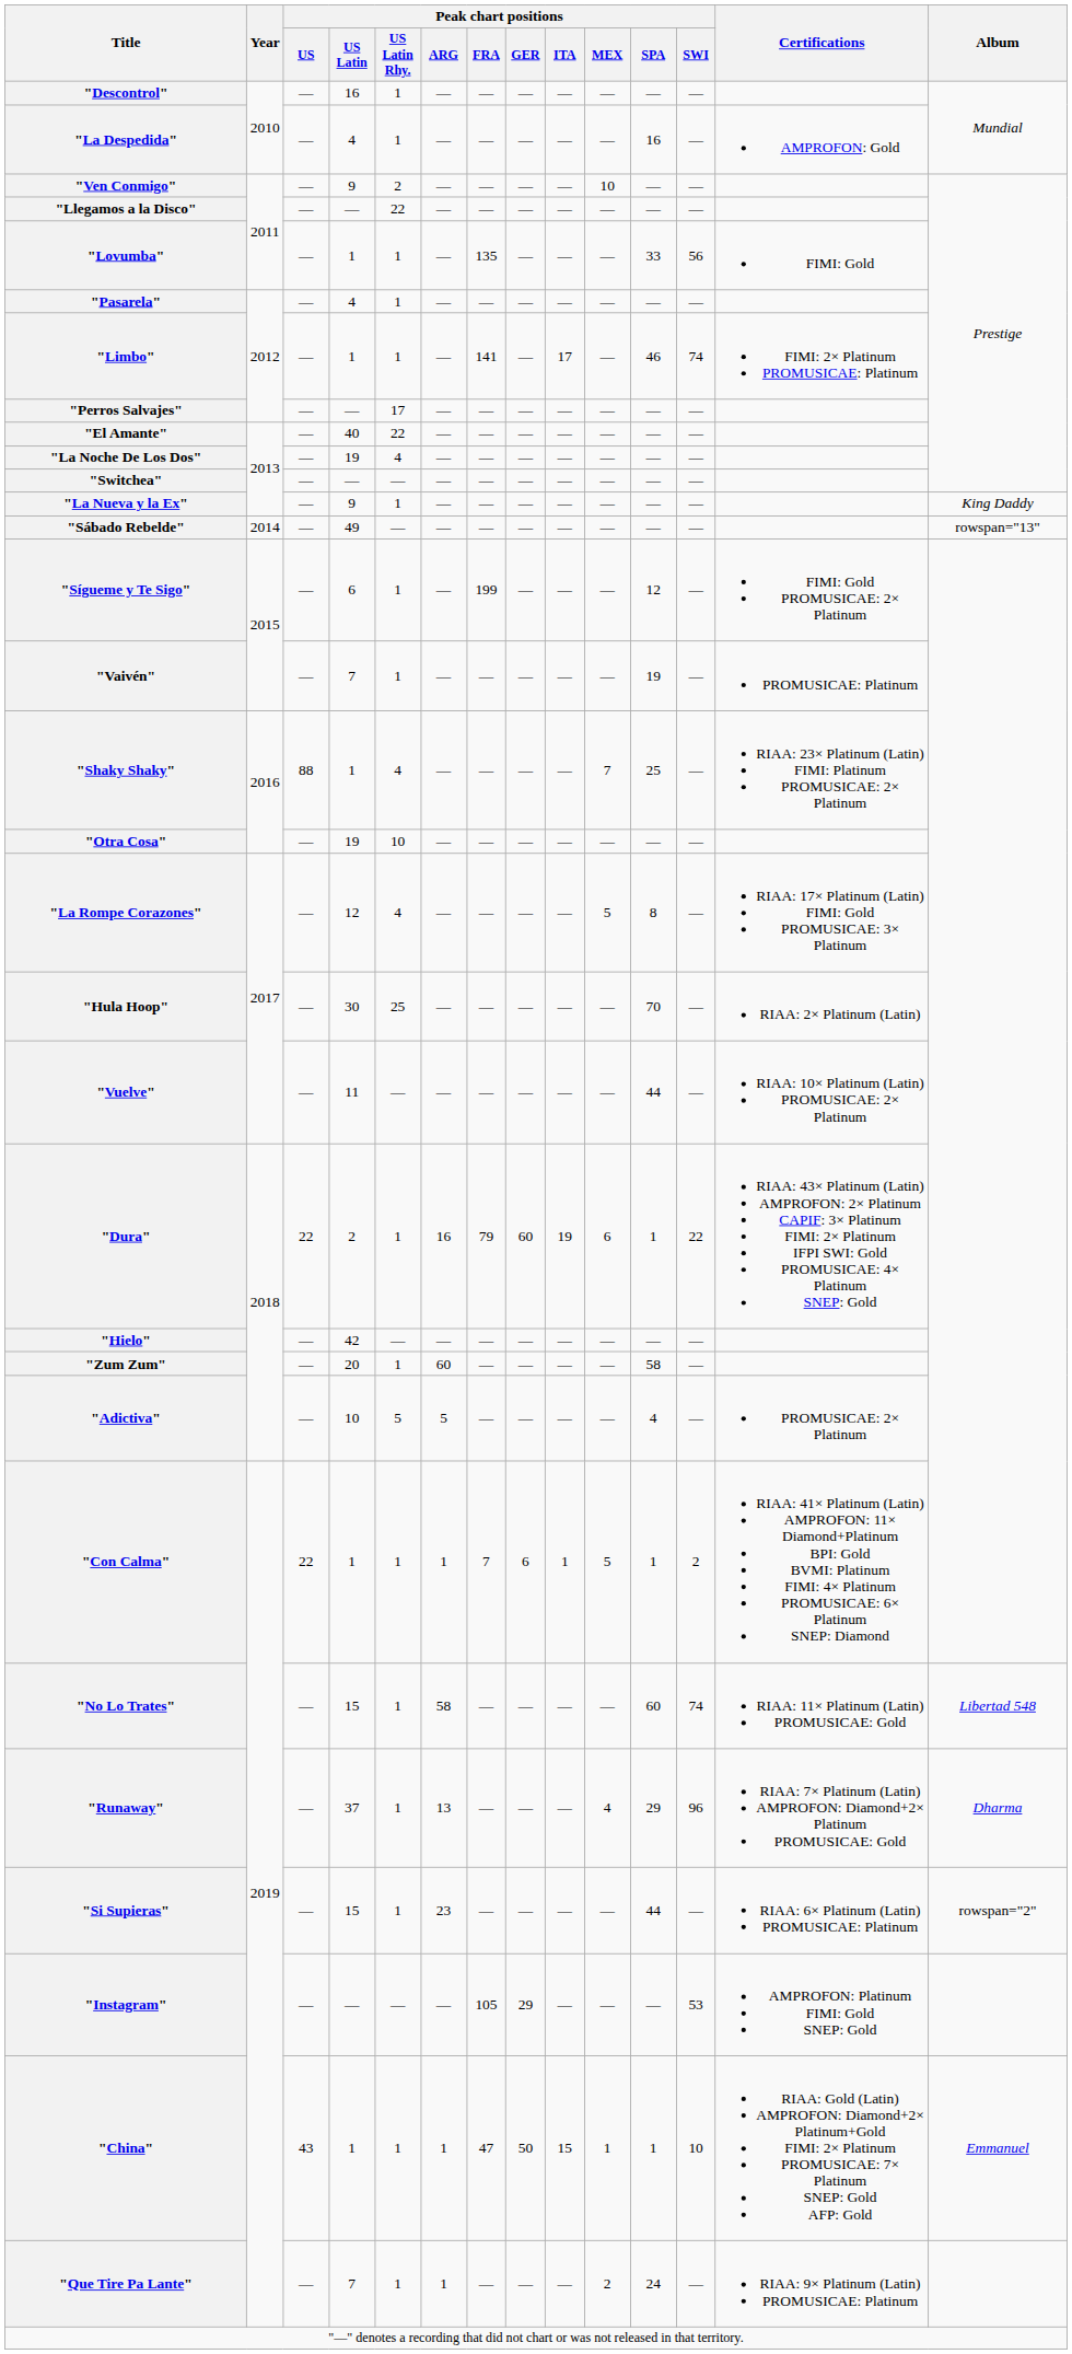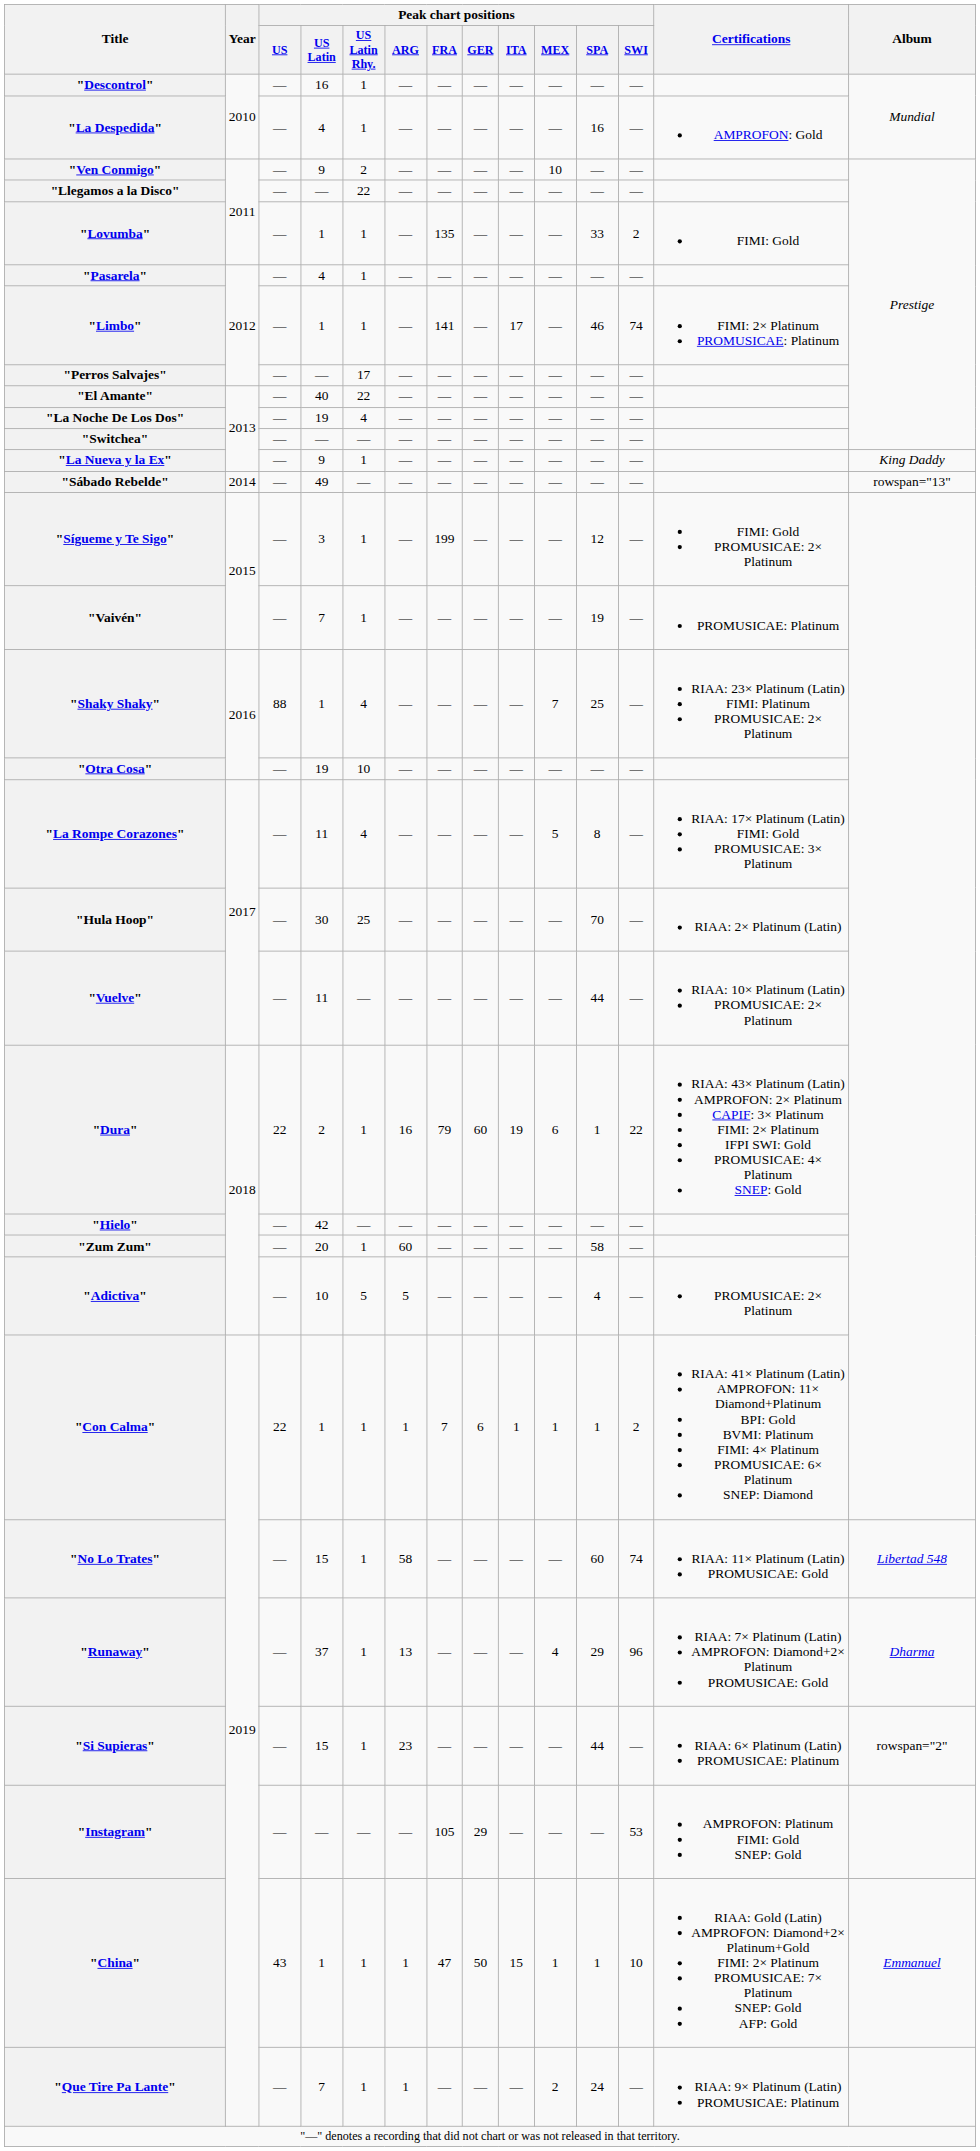 <table class="wikitable plainrowheaders" style="text-align:center;">
 <tr>
 <th scope="col" rowspan="2" style="width:16em;">Title</th>
 <th scope="col" rowspan="2" style="width:1em;">Year</th>
 <th scope="col" colspan="10">Peak chart positions</th>
 <th scope="col" rowspan="2" style="width:14em;"><a href='#'>Certifications</a></th>
 <th scope="col" rowspan="2" style="width:9em;">Album</th>
 </tr>
 <tr>
 <th scope="col" style="width:3em;font-size:90%;"><a href='#'>US</a><br></th>
 <th scope="col" style="width:3em;font-size:90%;"><a href='#'>US<br>Latin</a><br></th>
 <th scope="col" style="width:3em;font-size:90%;"><a href='#'>US<br>Latin<br>Rhy.</a><br></th>
 <th scope="col" style="width:3em;font-size:90%;"><a href='#'>ARG</a><br></th>
 <th scope="col" style="width:2.5em;font-size:90%;"><a href='#'>FRA</a><br></th>
 <th scope="col" style="width:2.5em;font-size:90%;"><a href='#'>GER</a> <br></th>
 <th scope="col" style="width:2.5em;font-size:90%;"><a href='#'>ITA</a> <br></th>
 <th scope="col" style="width:3em;font-size:90%;"><a href='#'>MEX</a><br></th>
 <th scope="col" style="width:3em;font-size:90%;"><a href='#'>SPA</a><br></th>
 <th scope="col" style="width:2.5em;font-size:90%;"><a href='#'>SWI</a> <br></th>
 </tr>
 <tr>
 <th scope="row">"<a href='#'>Descontrol</a>"</th>
 <td rowspan="2">2010</td>
 <td>—</td>
 <td>16</td>
 <td>1</td>
 <td>—</td>
 <td>—</td>
 <td>—</td>
 <td>—</td>
 <td>—</td>
 <td>—</td>
 <td>—</td>
 <td></td>
 <td rowspan="2"><em>Mundial</em></td>
 </tr>
 <tr>
 <th scope="row">"<a href='#'>La Despedida</a>"</th>
 <td>—</td>
 <td>4</td>
 <td>1</td>
 <td>—</td>
 <td>—</td>
 <td>—</td>
 <td>—</td>
 <td>—</td>
 <td>16</td>
 <td>—</td>
 <td><br><ul><li><a href='#'>AMPROFON</a>: Gold</li></ul></td>
 </tr>
 <tr>
 <th scope="row">"<a href='#'>Ven Conmigo</a>"<br></th>
 <td rowspan="3">2011</td>
 <td>—</td>
 <td>9</td>
 <td>2</td>
 <td>—</td>
 <td>—</td>
 <td>—</td>
 <td>—</td>
 <td>10</td>
 <td>—</td>
 <td>—</td>
 <td></td>
 <td rowspan="9"><em>Prestige</em></td>
 </tr>
 <tr>
 <th scope="row">"Llegamos a la Disco"</th>
 <td>—</td>
 <td>—</td>
 <td>22</td>
 <td>—</td>
 <td>—</td>
 <td>—</td>
 <td>—</td>
 <td>—</td>
 <td>—</td>
 <td>—</td>
 <td></td>
 </tr>
 <tr>
 <th scope="row">"<a href='#'>Lovumba</a>"</th>
 <td>—</td>
 <td>1</td>
 <td>1</td>
 <td>—</td>
 <td>135</td>
 <td>—</td>
 <td>—</td>
 <td>—</td>
 <td>33</td>
-<td>56</td>
+<td>2</td>
 <td><br><ul><li>FIMI: Gold</li></ul></td>
 </tr>
 <tr>
 <th scope="row">"<a href='#'>Pasarela</a>"</th>
 <td rowspan="3">2012</td>
 <td>—</td>
 <td>4</td>
 <td>1</td>
 <td>—</td>
 <td>—</td>
 <td>—</td>
 <td>—</td>
 <td>—</td>
 <td>—</td>
 <td>—</td>
 <td></td>
 </tr>
 <tr>
 <th scope="row">"<a href='#'>Limbo</a>"</th>
 <td>—</td>
 <td>1</td>
 <td>1</td>
 <td>—</td>
 <td>141</td>
 <td>—</td>
 <td>17</td>
 <td>—</td>
 <td>46</td>
 <td>74</td>
 <td><br><ul><li>FIMI: 2× Platinum</li><li><a href='#'>PROMUSICAE</a>: Platinum</li></ul></td>
 </tr>
 <tr>
 <th scope="row">"Perros Salvajes"</th>
 <td>—</td>
 <td>—</td>
 <td>17</td>
 <td>—</td>
 <td>—</td>
 <td>—</td>
 <td>—</td>
 <td>—</td>
 <td>—</td>
 <td>—</td>
 <td></td>
 </tr>
 <tr>
 <th scope="row">"El Amante"<br></th>
 <td rowspan="4">2013</td>
 <td>—</td>
 <td>40</td>
 <td>22</td>
 <td>—</td>
 <td>—</td>
 <td>—</td>
 <td>—</td>
 <td>—</td>
 <td>—</td>
 <td>—</td>
 <td></td>
 </tr>
 <tr>
 <th scope="row">"La Noche De Los Dos"<br></th>
 <td>—</td>
 <td>19</td>
 <td>4</td>
 <td>—</td>
 <td>—</td>
 <td>—</td>
 <td>—</td>
 <td>—</td>
 <td>—</td>
 <td>—</td>
 <td></td>
 </tr>
 <tr>
 <th scope="row">"Switchea"</th>
 <td>—</td>
 <td>—</td>
 <td>—</td>
 <td>—</td>
 <td>—</td>
 <td>—</td>
 <td>—</td>
 <td>—</td>
 <td>—</td>
 <td>—</td>
 <td></td>
 </tr>
 <tr>
 <th scope="row">"<a href='#'>La Nueva y la Ex</a>"</th>
 <td>—</td>
 <td>9</td>
 <td>1</td>
 <td>—</td>
 <td>—</td>
 <td>—</td>
 <td>—</td>
 <td>—</td>
 <td>—</td>
 <td>—</td>
 <td></td>
 <td><em>King Daddy</em></td>
 </tr>
 <tr>
 <th scope="row">"Sábado Rebelde"<br></th>
 <td>2014</td>
 <td>—</td>
 <td>49</td>
 <td>—</td>
 <td>—</td>
 <td>—</td>
 <td>—</td>
 <td>—</td>
 <td>—</td>
 <td>—</td>
 <td>—</td>
 <td></td>
 <td>rowspan="13" </td>
 </tr>
 <tr>
 <th scope="row">"<a href='#'>Sígueme y Te Sigo</a>"</th>
 <td rowspan="2">2015</td>
 <td>—</td>
-<td>6</td>
+<td>3</td>
 <td>1</td>
 <td>—</td>
 <td>199</td>
 <td>—</td>
 <td>—</td>
 <td>—</td>
 <td>12</td>
 <td>—</td>
 <td><br><ul><li>FIMI: Gold</li><li>PROMUSICAE: 2× Platinum</li></ul></td>
 </tr>
 <tr>
 <th scope="row">"Vaivén"</th>
 <td>—</td>
 <td>7</td>
 <td>1</td>
 <td>—</td>
 <td>—</td>
 <td>—</td>
 <td>—</td>
 <td>—</td>
 <td>19</td>
 <td>—</td>
 <td><br><ul><li>PROMUSICAE: Platinum</li></ul></td>
 </tr>
 <tr>
 <th scope="row">"<a href='#'>Shaky Shaky</a>"</th>
 <td rowspan="2">2016</td>
 <td>88</td>
 <td>1</td>
 <td>4</td>
 <td>—</td>
 <td>—</td>
 <td>—</td>
 <td>—</td>
 <td>7</td>
 <td>25</td>
 <td>—</td>
 <td><br><ul><li>RIAA: 23× Platinum (Latin)</li><li>FIMI: Platinum</li><li>PROMUSICAE: 2× Platinum</li></ul></td>
 </tr>
 <tr>
 <th scope="row">"<a href='#'>Otra Cosa</a>"<br></th>
 <td>—</td>
 <td>19</td>
 <td>10</td>
 <td>—</td>
 <td>—</td>
 <td>—</td>
 <td>—</td>
 <td>—</td>
 <td>—</td>
 <td>—</td>
 <td></td>
 </tr>
 <tr>
 <th scope="row">"<a href='#'>La Rompe Corazones</a>"<br></th>
 <td rowspan="3">2017</td>
 <td>—</td>
-<td>12</td>
+<td>11</td>
 <td>4</td>
 <td>—</td>
 <td>—</td>
 <td>—</td>
 <td>—</td>
 <td>5</td>
 <td>8</td>
 <td>—</td>
 <td><br><ul><li>RIAA: 17× Platinum (Latin)</li><li>FIMI: Gold</li><li>PROMUSICAE: 3× Platinum</li></ul></td>
 </tr>
 <tr>
 <th scope="row">"Hula Hoop"</th>
 <td>—</td>
 <td>30</td>
 <td>25</td>
 <td>—</td>
 <td>—</td>
 <td>—</td>
 <td>—</td>
 <td>—</td>
 <td>70</td>
 <td>—</td>
 <td><br><ul><li>RIAA: 2× Platinum (Latin)</li></ul></td>
 </tr>
 <tr>
 <th scope="row">"<a href='#'>Vuelve</a>"<br></th>
 <td>—</td>
 <td>11</td>
 <td>—</td>
 <td>—</td>
 <td>—</td>
 <td>—</td>
 <td>—</td>
 <td>—</td>
 <td>44</td>
 <td>—</td>
 <td><br><ul><li>RIAA: 10× Platinum (Latin)</li><li>PROMUSICAE: 2× Platinum</li></ul></td>
 </tr>
 <tr>
 <th scope="row">"<a href='#'>Dura</a>"</th>
 <td rowspan="4">2018</td>
 <td>22</td>
 <td>2</td>
 <td>1</td>
 <td>16</td>
 <td>79</td>
 <td>60</td>
 <td>19</td>
 <td>6</td>
 <td>1</td>
 <td>22</td>
 <td><br><ul><li>RIAA: 43× Platinum (Latin)</li><li>AMPROFON: 2× Platinum</li><li><a href='#'>CAPIF</a>: 3× Platinum</li><li>FIMI: 2× Platinum</li><li>IFPI SWI: Gold</li><li>PROMUSICAE: 4× Platinum</li><li><a href='#'>SNEP</a>: Gold</li></ul></td>
 </tr>
 <tr>
 <th scope="row">"<a href='#'>Hielo</a>"</th>
 <td>—</td>
 <td>42</td>
 <td>—</td>
 <td>—</td>
 <td>—</td>
 <td>—</td>
 <td>—</td>
 <td>—</td>
 <td>—</td>
 <td>—</td>
 <td></td>
 </tr>
 <tr>
 <th scope="row">"Zum Zum"<br></th>
 <td>—</td>
 <td>20</td>
 <td>1</td>
 <td>60</td>
 <td>—</td>
 <td>—</td>
 <td>—</td>
 <td>—</td>
 <td>58</td>
 <td>—</td>
 <td></td>
 </tr>
 <tr>
 <th scope="row">"<a href='#'>Adictiva</a>"<br></th>
 <td>—</td>
 <td>10</td>
 <td>5</td>
 <td>5</td>
 <td>—</td>
 <td>—</td>
 <td>—</td>
 <td>—</td>
 <td>4</td>
 <td>—</td>
 <td><br><ul><li>PROMUSICAE: 2× Platinum</li></ul></td>
 </tr>
 <tr>
 <th scope="row">"<a href='#'>Con Calma</a>"<br></th>
 <td rowspan="7">2019</td>
 <td>22</td>
 <td>1</td>
 <td>1</td>
 <td>1</td>
 <td>7</td>
 <td>6</td>
 <td>1</td>
-<td>5</td>
+<td>1</td>
 <td>1</td>
 <td>2</td>
 <td><br><ul><li>RIAA: 41× Platinum (Latin)</li><li>AMPROFON: 11× Diamond+Platinum</li><li>BPI: Gold</li><li>BVMI: Platinum</li><li>FIMI: 4× Platinum</li><li>PROMUSICAE: 6× Platinum</li><li>SNEP: Diamond</li></ul></td>
 </tr>
 <tr>
 <th scope="row">"<a href='#'>No Lo Trates</a>"<br></th>
 <td>—</td>
 <td>15</td>
 <td>1</td>
 <td>58</td>
 <td>—</td>
 <td>—</td>
 <td>—</td>
 <td>—</td>
 <td>60</td>
 <td>74</td>
 <td><br><ul><li>RIAA: 11× Platinum (Latin)</li><li>PROMUSICAE: Gold</li></ul></td>
 <td><em><a href='#'>Libertad 548</a></em></td>
 </tr>
 <tr>
 <th scope="row">"<a href='#'>Runaway</a>"<br></th>
 <td>—</td>
 <td>37</td>
 <td>1</td>
 <td>13</td>
 <td>—</td>
 <td>—</td>
 <td>—</td>
 <td>4</td>
 <td>29</td>
 <td>96</td>
 <td><br><ul><li>RIAA: 7× Platinum (Latin)</li><li>AMPROFON: Diamond+2× Platinum</li><li>PROMUSICAE: Gold</li></ul></td>
 <td><em><a href='#'>Dharma</a></em></td>
 </tr>
 <tr>
 <th scope="row">"<a href='#'>Si Supieras</a>"<br></th>
 <td>—</td>
 <td>15</td>
 <td>1</td>
 <td>23</td>
 <td>—</td>
 <td>—</td>
 <td>—</td>
 <td>—</td>
 <td>44</td>
 <td>—</td>
 <td><br><ul><li>RIAA: 6× Platinum (Latin)</li><li>PROMUSICAE: Platinum</li></ul></td>
 <td>rowspan="2" </td>
 </tr>
 <tr>
 <th scope="row">"<a href='#'>Instagram</a>"<br></th>
 <td>—</td>
 <td>—</td>
 <td>—</td>
 <td>—</td>
 <td>105</td>
 <td>29</td>
 <td>—</td>
 <td>—</td>
 <td>—</td>
 <td>53</td>
 <td><br><ul><li>AMPROFON: Platinum</li><li>FIMI: Gold</li><li>SNEP: Gold</li></ul></td>
 </tr>
 <tr>
 <th scope="row">"<a href='#'>China</a>"<br></th>
 <td>43</td>
 <td>1</td>
 <td>1</td>
 <td>1</td>
 <td>47</td>
 <td>50</td>
 <td>15</td>
 <td>1</td>
 <td>1</td>
 <td>10</td>
 <td><br><ul><li>RIAA: Gold (Latin)</li><li>AMPROFON: Diamond+2× Platinum+Gold</li><li>FIMI: 2× Platinum</li><li>PROMUSICAE: 7× Platinum</li><li>SNEP: Gold</li><li>AFP: Gold</li></ul></td>
 <td><em><a href='#'>Emmanuel</a></em></td>
 </tr>
 <tr>
 <th scope="row">"<a href='#'>Que Tire Pa Lante</a>"</th>
 <td>—</td>
 <td>7</td>
 <td>1</td>
 <td>1</td>
 <td>—</td>
 <td>—</td>
 <td>—</td>
 <td>2</td>
 <td>24</td>
 <td>—</td>
 <td><br><ul><li>RIAA: 9× Platinum (Latin)</li><li>PROMUSICAE: Platinum</li></ul></td>
 <td></td>
 </tr>
 <tr>
 <td colspan="16" style="font-size:90%">"—" denotes a recording that did not chart or was not released in that territory.</td>
 </tr>
 </table>
